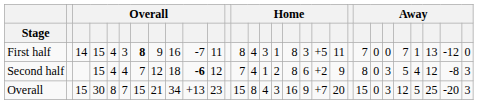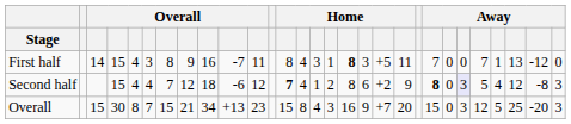 <table class="wikitable" style="text-align: right;">
 <tr>
 <th rawspan=2></th>
 <th rawspan=2></th>
 <th colspan=9>Overall</th>
 <th rawspan=1></th>
 <th colspan=8>Home</th>
 <th rawspan=1></th>
 <th colspan=8>Away</th>
 </tr>
 <tr>
 <th>Stage</th>
 <th></th>
 <th></th>
 <th></th>
 <th></th>
 <th></th>
 <th></th>
 <th></th>
 <th></th>
 <th></th>
 <th></th>
 <th></th>
 <th></th>
 <th></th>
 <th></th>
 <th></th>
 <th></th>
 <th></th>
 <th></th>
 <th></th>
 <th></th>
 <th></th>
 <th></th>
 <th></th>
 <th></th>
 <th></th>
 <th></th>
 <th></th>
 <th></th>
 </tr>
 <tr>
 <td align="left">First half</td>
 <td></td>
 <td>14</td>
 <td>15</td>
 <td>4</td>
 <td>3</td>
-<td><strong>8</strong></td>
+<td>8</td>
 <td>9</td>
 <td>16</td>
 <td>-7</td>
 <td>11</td>
 <td></td>
 <td>8</td>
 <td>4</td>
 <td>3</td>
 <td>1</td>
-<td>8</td>
+<td><strong>8</strong></td>
 <td>3</td>
 <td>+5</td>
 <td>11</td>
 <td></td>
 <td>7</td>
 <td>0</td>
 <td>0</td>
 <td>7</td>
 <td>1</td>
 <td>13</td>
 <td>-12</td>
 <td>0</td>
 </tr>
 <tr>
 <td align="left">Second half</td>
 <td></td>
 <td></td>
 <td>15</td>
 <td>4</td>
 <td>4</td>
 <td>7</td>
 <td>12</td>
 <td>18</td>
-<td><strong>-6</strong></td>
+<td>-6</td>
 <td>12</td>
 <td></td>
-<td>7</td>
+<td><strong>7</strong></td>
 <td>4</td>
 <td>1</td>
 <td>2</td>
 <td>8</td>
 <td>6</td>
 <td>+2</td>
 <td>9</td>
 <td></td>
-<td>8</td>
+<td><strong>8</strong></td>
 <td>0</td>
-<td>3</td>
+<td style="background: lavender;">3</td>
 <td>5</td>
 <td>4</td>
 <td>12</td>
 <td>-8</td>
 <td>3</td>
 </tr>
 <tr>
 <td align="left">Overall</td>
 <td></td>
 <td>15</td>
 <td>30</td>
 <td>8</td>
 <td>7</td>
 <td>15</td>
 <td>21</td>
 <td>34</td>
 <td>+13</td>
 <td>23</td>
 <td></td>
 <td>15</td>
 <td>8</td>
 <td>4</td>
 <td>3</td>
 <td>16</td>
 <td>9</td>
 <td>+7</td>
 <td>20</td>
 <td></td>
 <td>15</td>
 <td>0</td>
 <td>3</td>
 <td>12</td>
 <td>5</td>
 <td>25</td>
 <td>-20</td>
 <td>3</td>
 </tr>
 </table>
